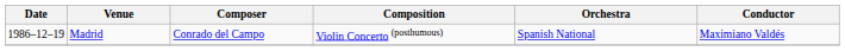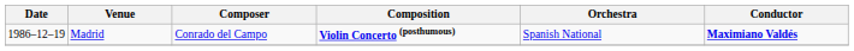 <table class="wikitable" style="font-size:90%">
 <tr>
 <th>Date</th>
 <th width=125px>Venue</th>
 <th width=175px>Composer</th>
 <th width=250px>Composition</th>
 <th width=225px>Orchestra</th>
 <th width=175px>Conductor</th>
 </tr>
 <tr>
 <td>1986–12–19 </td>
 <td><a href='#'>Madrid</a></td>
 <td><a href='#'>Conrado del Campo</a></td>
-<td><a href='#'>Violin Concerto</a> <sup>(posthumous)</sup></td>
+<td><strong><a href='#'>Violin Concerto</a> <sup>(posthumous)</sup></strong></td>
 <td><a href='#'>Spanish National</a></td>
-<td><a href='#'>Maximiano Valdés</a></td>
+<td><strong><a href='#'>Maximiano Valdés</a></strong></td>
 </tr>
 <tr>
 </tr>
 </table>
